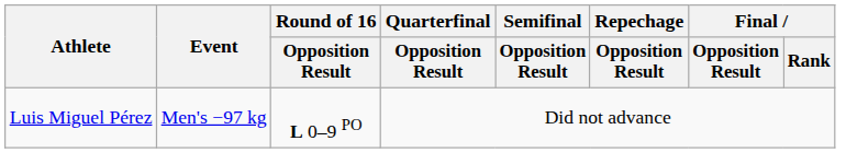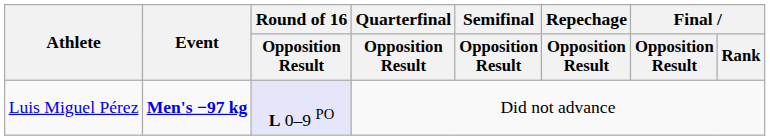 <table class="wikitable" style="font-size:90%">
 <tr>
 <th rowspan=2>Athlete</th>
 <th rowspan=2>Event</th>
 <th>Round of 16</th>
 <th>Quarterfinal</th>
 <th>Semifinal</th>
 <th>Repechage</th>
 <th colspan=2>Final / </th>
 </tr>
 <tr style="font-size: 95%">
 <th>Opposition<br>Result</th>
 <th>Opposition<br>Result</th>
 <th>Opposition<br>Result</th>
 <th>Opposition<br>Result</th>
 <th>Opposition<br>Result</th>
 <th>Rank</th>
 </tr>
 <tr align=center>
 <td align=left><a href='#'>Luis Miguel Pérez</a></td>
-<td align=left><a href='#'>Men's −97 kg</a></td>
-<td><br><strong>L</strong> 0–9 <sup>PO</sup></td>
+<td align=left><strong><a href='#'>Men's −97 kg</a></strong></td>
+<td style="background: lavender;"><br><strong>L</strong> 0–9 <sup>PO</sup></td>
 <td colspan="5">Did not advance</td>
 </tr>
 </table>
